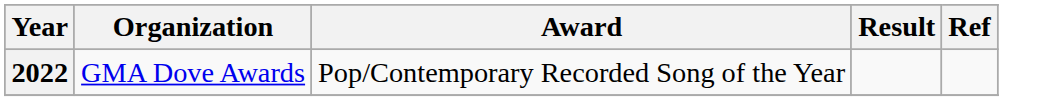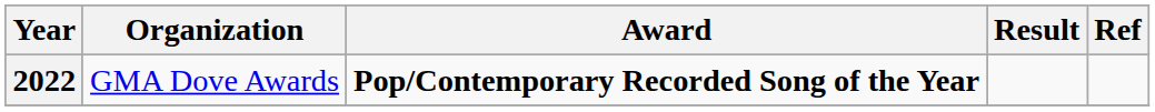 <table class="wikitable plainrowheaders">
 <tr>
 <th>Year</th>
 <th>Organization</th>
 <th>Award</th>
 <th>Result</th>
 <th>Ref</th>
 </tr>
 <tr>
 <th scope="row">2022</th>
 <td><a href='#'>GMA Dove Awards</a></td>
-<td>Pop/Contemporary Recorded Song of the Year</td>
+<td><strong>Pop/Contemporary Recorded Song of the Year</strong></td>
 <td></td>
 <td></td>
 </tr>
 <tr>
 </tr>
 </table>
